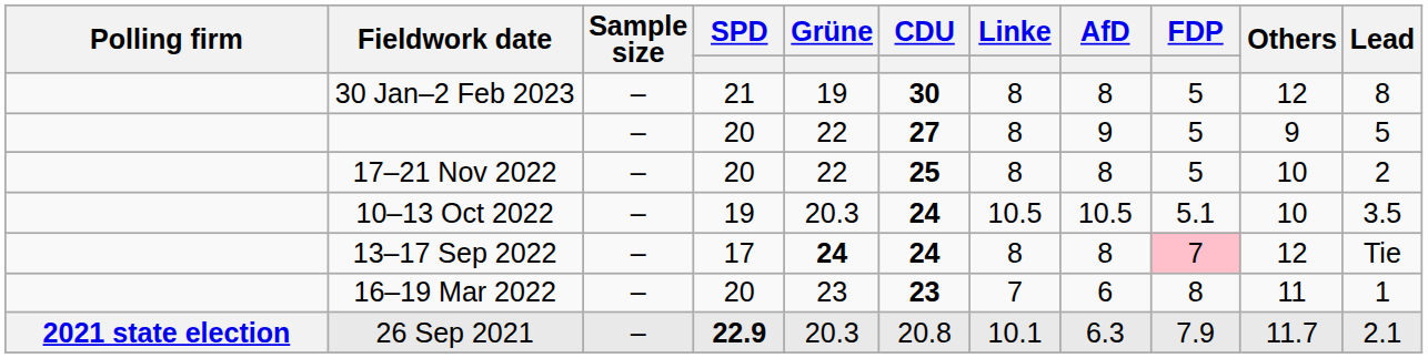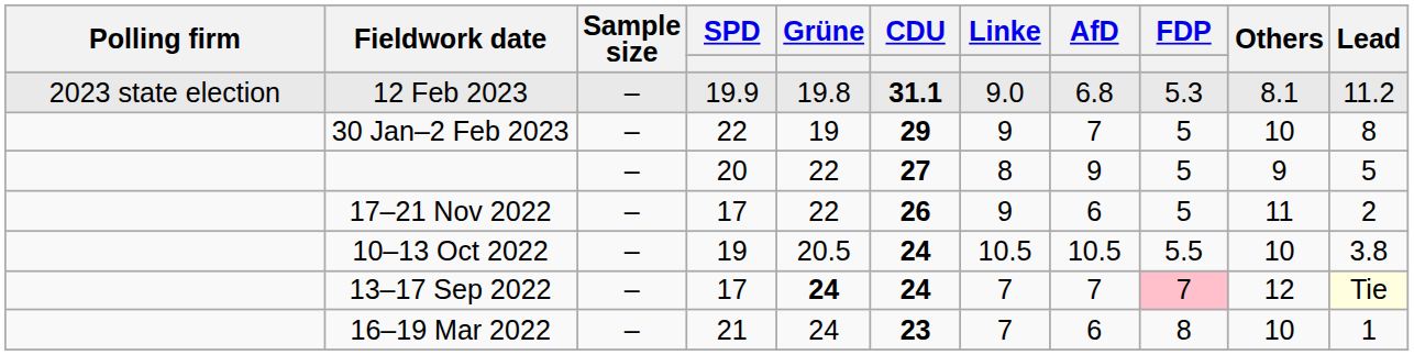 <table class="wikitable sortable" style="text-align:center;font-size:90%;line-height:14px;">
 <tr>
 <th rowspan="2" style="width:160px;">Polling firm</th>
 <th rowspan="2" style="width:125px;">Fieldwork date</th>
 <th rowspan="2" style="width:35px;">Sample<br>size</th>
 <th class="unsortable" style="width:40px;"><a href='#'>SPD</a></th>
 <th class="unsortable" style="width:40px;"><a href='#'>Grüne</a></th>
 <th class="unsortable" style="width:40px;"><a href='#'>CDU</a></th>
 <th class="unsortable" style="width:40px;"><a href='#'>Linke</a></th>
 <th class="unsortable" style="width:40px;"><a href='#'>AfD</a></th>
 <th class="unsortable" style="width:40px;"><a href='#'>FDP</a></th>
 <th rowspan="2" class="unsortable" style="width:40px;">Others</th>
 <th rowspan="2" style="width:30px;">Lead</th>
 </tr>
 <tr>
 <th style="background:"></th>
 <th style="background:"></th>
 <th style="background:"></th>
 <th style="background:"></th>
 <th style="background:"></th>
 <th style="background:"></th>
 </tr>
+<tr style="background:#E9E9E9;">
+<td>2023 state election</td>
+<td>12 Feb 2023</td>
+<td>–</td>
+<td>19.9</td>
+<td>19.8</td>
+<td><strong>31.1</strong></td>
+<td>9.0</td>
+<td>6.8</td>
+<td>5.3</td>
+<td>8.1</td>
+<td style="background:">11.2</td>
+</tr>
 <tr>
 <td></td>
 <td data-sort-value="2023-02-02">30 Jan–2 Feb 2023</td>
 <td>–</td>
-<td>21</td>
+<td>22</td>
 <td>19</td>
-<td><strong>30</strong></td>
-<td>8</td>
-<td>8</td>
+<td><strong>29</strong></td>
+<td>9</td>
+<td>7</td>
 <td>5</td>
-<td>12</td>
+<td>10</td>
 <td style="background:">8</td>
 </tr>
 <tr>
 <td></td>
 <td></td>
 <td>–</td>
 <td>20</td>
 <td>22</td>
 <td><strong>27</strong></td>
 <td>8</td>
 <td>9</td>
 <td>5</td>
 <td>9</td>
 <td style="background:">5</td>
 </tr>
 <tr>
 <td></td>
 <td data-sort-value="2022-11-21">17–21 Nov 2022</td>
 <td>–</td>
-<td>20</td>
+<td>17</td>
 <td>22</td>
-<td><strong>25</strong></td>
-<td>8</td>
-<td>8</td>
+<td><strong>26</strong></td>
+<td>9</td>
+<td>6</td>
 <td>5</td>
-<td>10</td>
+<td>11</td>
 <td style="background:">2</td>
 </tr>
 <tr>
 <td></td>
 <td data-sort-value="2022-10-13">10–13 Oct 2022</td>
 <td>–</td>
 <td>19</td>
-<td>20.3</td>
+<td>20.5</td>
 <td><strong>24</strong></td>
 <td>10.5</td>
 <td>10.5</td>
-<td>5.1</td>
+<td>5.5</td>
 <td>10</td>
-<td style="background:">3.5</td>
+<td style="background:">3.8</td>
 </tr>
 <tr>
 <td></td>
 <td data-sort-value="2022-09-17">13–17 Sep 2022</td>
 <td>–</td>
 <td>17</td>
 <td><strong>24</strong></td>
 <td><strong>24</strong></td>
-<td>8</td>
-<td>8</td>
+<td>7</td>
+<td>7</td>
 <td style="background: pink;">7</td>
 <td>12</td>
-<td>Tie</td>
+<td style="background: lightyellow;">Tie</td>
 </tr>
 <tr>
 <td></td>
 <td data-sort-value="2022-03-19">16–19 Mar 2022</td>
 <td>–</td>
-<td>20</td>
-<td>23</td>
+<td>21</td>
+<td>24</td>
 <td><strong>23</strong></td>
 <td>7</td>
 <td>6</td>
 <td>8</td>
-<td>11</td>
+<td>10</td>
 <td style="background:">1</td>
 </tr>
-<tr style="background:#E9E9E9;">
-<th><a href='#'>2021 state election</a></th>
-<td>26 Sep 2021</td>
-<td>–</td>
-<td><strong>22.9</strong></td>
-<td>20.3</td>
-<td>20.8</td>
-<td>10.1</td>
-<td>6.3</td>
-<td>7.9</td>
-<td>11.7</td>
-<td style="background:">2.1</td>
-</tr>
 </table>
